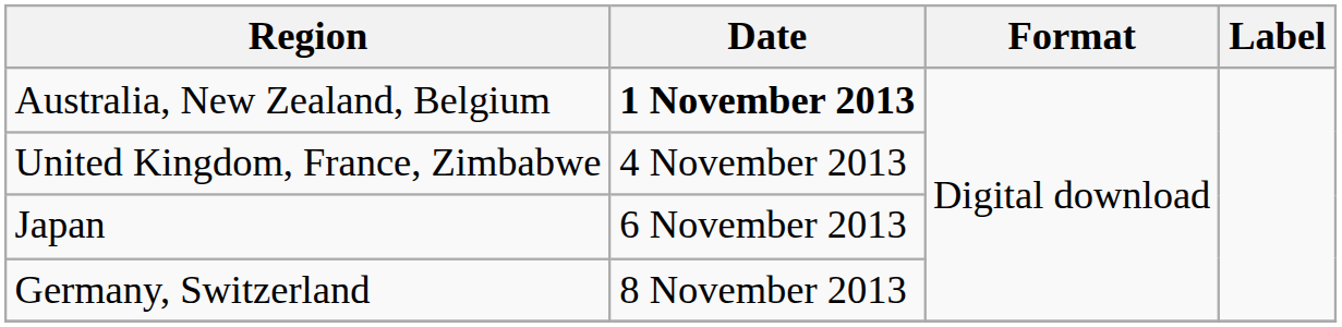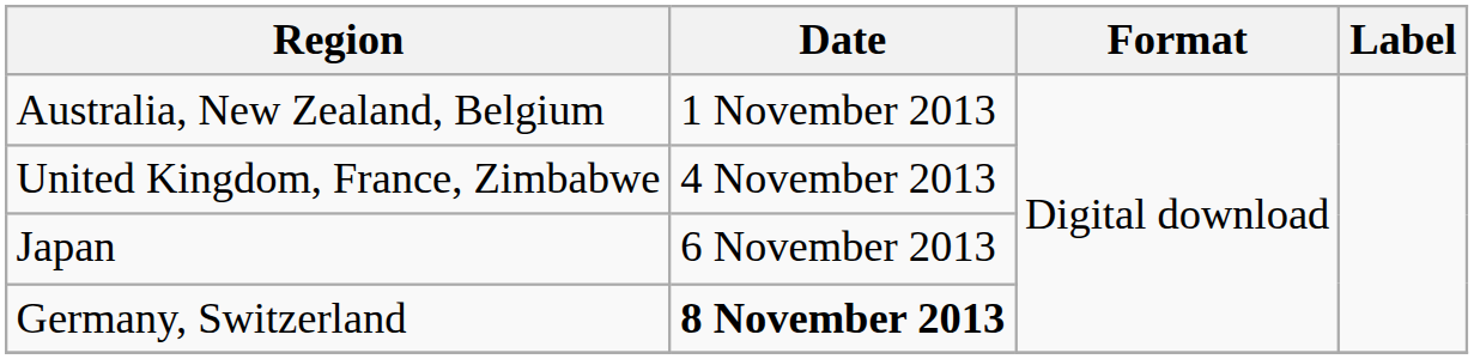 <table class="wikitable">
 <tr>
 <th scope="col">Region</th>
 <th scope="col">Date</th>
 <th scope="col">Format</th>
 <th scope="col">Label</th>
 </tr>
 <tr>
 <td>Australia, New Zealand, Belgium</td>
-<td><strong>1 November 2013</strong></td>
+<td>1 November 2013</td>
 <td rowspan="4">Digital download</td>
 <td rowspan="4"></td>
 </tr>
 <tr>
 <td>United Kingdom, France, Zimbabwe</td>
 <td>4 November 2013</td>
 </tr>
 <tr>
 <td>Japan</td>
 <td>6 November 2013</td>
 </tr>
 <tr>
 <td>Germany, Switzerland</td>
-<td>8 November 2013</td>
+<td><strong>8 November 2013</strong></td>
 </tr>
 <tr>
 </tr>
 </table>
